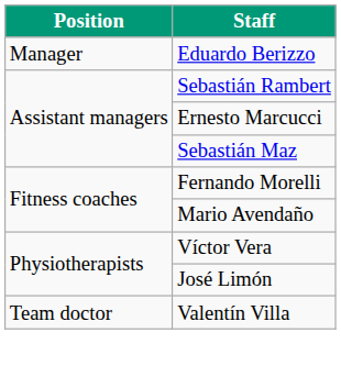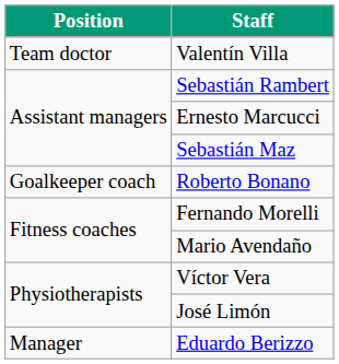 <table class="wikitable">
 <tr>
 <th style=background-color:#009977;color:White>Position</th>
 <th style=background-color:#009977;color:White>Staff</th>
 </tr>
 <tr>
 </tr>
 <tr>
-<td>Manager</td>
-<td> <a href='#'>Eduardo Berizzo</a></td>
+<td>Team doctor</td>
+<td> Valentín Villa</td>
 </tr>
 <tr>
 <td rowspan="3">Assistant managers</td>
 <td> <a href='#'>Sebastián Rambert</a></td>
 </tr>
 <tr>
 <td> Ernesto Marcucci</td>
 </tr>
 <tr>
 <td> <a href='#'>Sebastián Maz</a></td>
+</tr>
+<tr>
+<td>Goalkeeper coach</td>
+<td> <a href='#'>Roberto Bonano</a></td>
 </tr>
 <tr>
 <td rowspan="2">Fitness coaches</td>
 <td> Fernando Morelli</td>
 </tr>
 <tr>
 <td> Mario Avendaño</td>
 </tr>
 <tr>
 <td rowspan="2">Physiotherapists</td>
 <td> Víctor Vera</td>
 </tr>
 <tr>
 <td> José Limón</td>
 </tr>
 <tr>
-<td>Team doctor</td>
-<td> Valentín Villa</td>
+<td>Manager</td>
+<td> <a href='#'>Eduardo Berizzo</a></td>
 </tr>
 </table>
